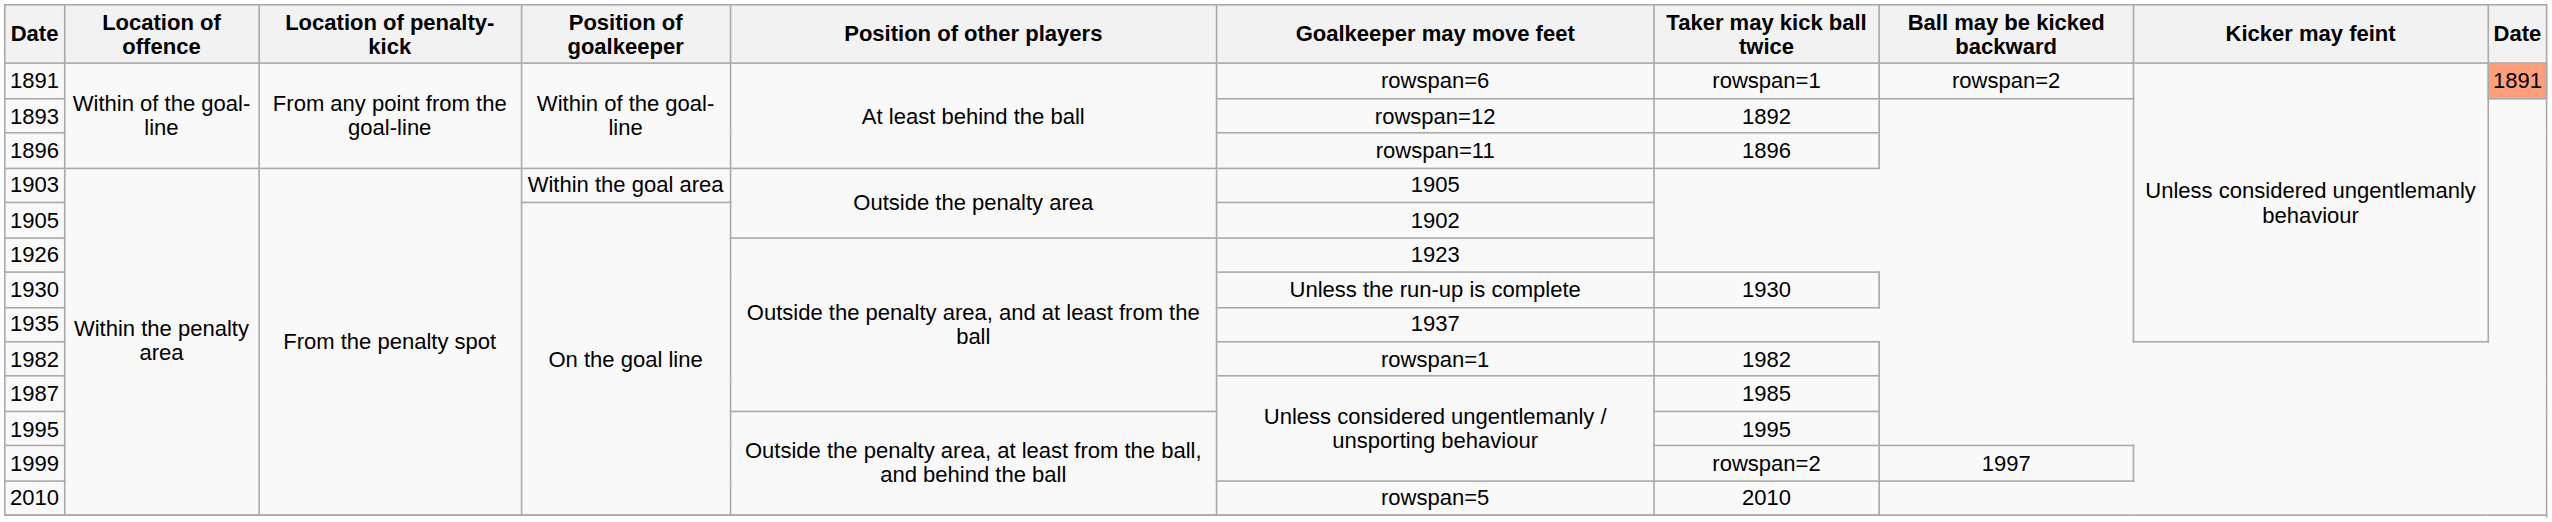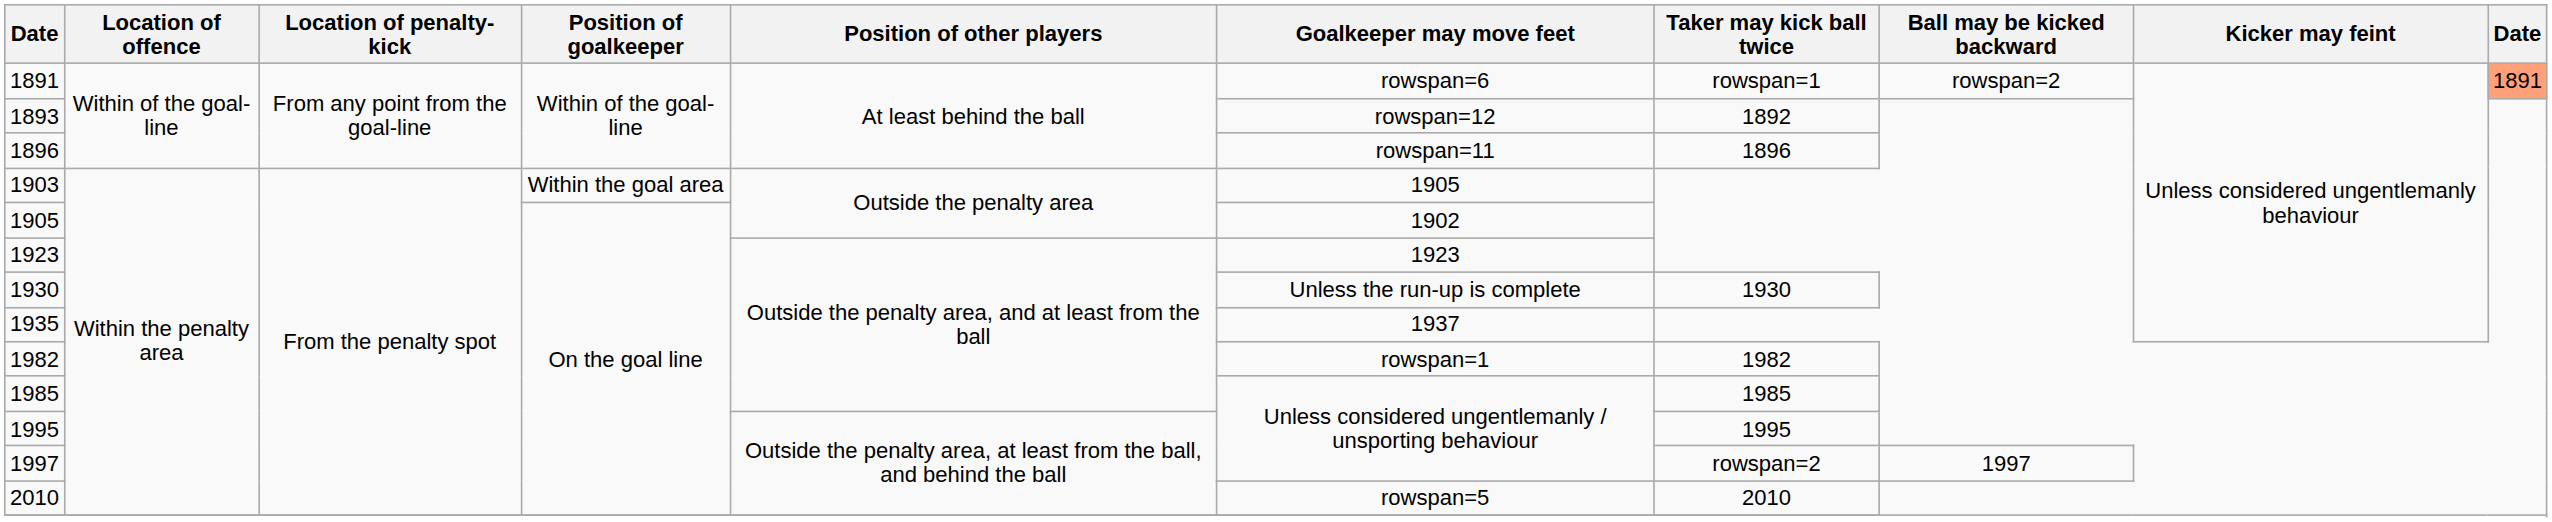 <table class="wikitable sortable" style="text-align: center; font-size: 85%; width: auto; table-layout: fixed;">
 <tr>
 <th>Date</th>
 <th>Location of offence</th>
 <th>Location of penalty-kick</th>
 <th>Position of goalkeeper</th>
 <th>Position of other players</th>
 <th>Goalkeeper may move feet</th>
 <th>Taker may kick ball twice</th>
 <th>Ball may be kicked backward</th>
 <th>Kicker may feint</th>
 <th>Date</th>
 </tr>
 <tr>
 <td>1891</td>
 <td rowspan=3>Within  of the goal-line</td>
 <td rowspan=3>From any point  from the goal-line</td>
 <td rowspan=3>Within  of the goal-line</td>
 <td rowspan=3>At least  behind the ball</td>
 <td>rowspan=6 </td>
 <td>rowspan=1 </td>
 <td>rowspan=2 </td>
 <td rowspan=8>Unless considered ungentlemanly behaviour</td>
 <td style="background: lightsalmon;">1891</td>
 </tr>
 <tr>
 <td>1893</td>
 <td>rowspan=12 </td>
 <td>1892</td>
 </tr>
 <tr>
 <td>1896</td>
 <td>rowspan=11 </td>
 <td>1896</td>
 </tr>
 <tr>
 <td>1903</td>
 <td rowspan=10>Within the penalty area</td>
 <td rowspan=10>From the penalty spot</td>
 <td rowspan=1>Within the goal area</td>
 <td rowspan=2>Outside the penalty area</td>
 <td>1905</td>
 </tr>
 <tr>
 <td>1905</td>
 <td rowspan="9">On the goal line</td>
 <td>1902</td>
 </tr>
 <tr>
-<td>1926</td>
+<td>1923</td>
 <td rowspan=5>Outside the penalty area, and at least  from the ball</td>
 <td>1923</td>
 </tr>
 <tr>
 <td>1930</td>
 <td rowspan=1>Unless the run-up is complete</td>
 <td>1930</td>
 </tr>
 <tr>
 <td>1935</td>
 <td>1937</td>
 </tr>
 <tr>
 <td>1982</td>
 <td>rowspan=1 </td>
 <td>1982</td>
 </tr>
 <tr>
-<td>1987</td>
+<td>1985</td>
 <td rowspan=3>Unless considered ungentlemanly / unsporting behaviour</td>
 <td>1985</td>
 </tr>
 <tr>
 <td>1995</td>
 <td rowspan=3>Outside the penalty area, at least  from the ball, and behind the ball</td>
 <td>1995</td>
 </tr>
 <tr>
-<td>1999</td>
+<td>1997</td>
 <td>rowspan=2 </td>
 <td>1997</td>
 </tr>
 <tr>
 <td>2010</td>
 <td>rowspan=5 </td>
 <td>2010</td>
 </tr>
 <tr>
 </tr>
 </table>
